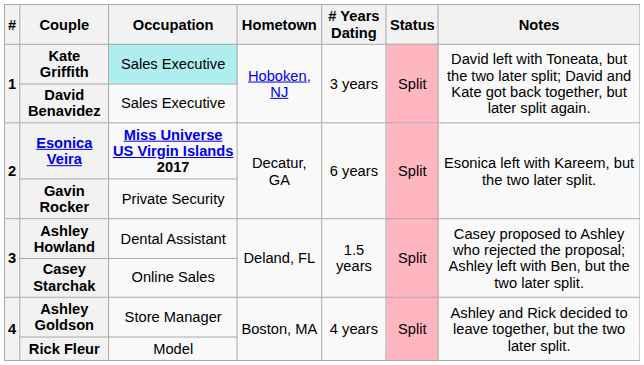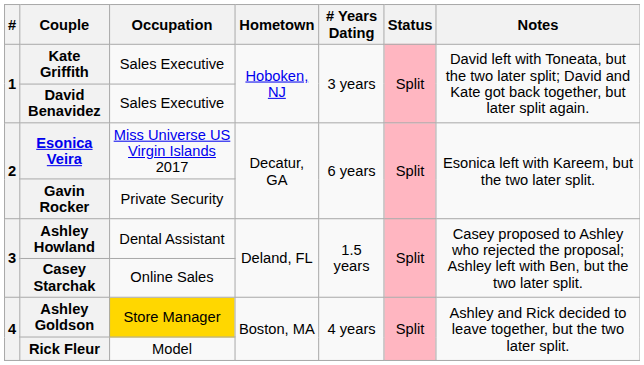 <table class="wikitable plainrowheaders" style="text-align:center; font-size: 90%; width:100%;">
 <tr>
 <th scope="col">#</th>
 <th scope="col">Couple</th>
 <th scope="col">Occupation</th>
 <th scope="col">Hometown</th>
 <th scope="col"># Years Dating</th>
 <th scope="col">Status</th>
 <th scope="col">Notes</th>
 </tr>
 <tr>
 <th scope="rowgroup" rowspan="2">1</th>
 <th scope="row">Kate Griffith</th>
-<td style="background: paleturquoise;">Sales Executive</td>
+<td>Sales Executive</td>
 <td rowspan="2"><a href='#'>Hoboken, NJ</a></td>
 <td rowspan="2">3 years</td>
 <td rowspan="2" style="background:lightpink;">Split</td>
 <td rowspan="2">David left with Toneata, but the two later split; David and Kate got back together, but later split again.</td>
 </tr>
 <tr>
 <th scope="row">David Benavidez</th>
 <td>Sales Executive</td>
 </tr>
 <tr>
 <th scope="rowgroup" rowspan="2">2</th>
 <th scope="row"><a href='#'>Esonica Veira</a></th>
-<td><strong><a href='#'>Miss Universe US Virgin Islands</a> 2017</strong></td>
+<td><a href='#'>Miss Universe US Virgin Islands</a> 2017</td>
 <td rowspan="2">Decatur, GA</td>
 <td rowspan="2">6 years</td>
 <td rowspan="2" style="background:lightpink;">Split</td>
 <td rowspan="2">Esonica left with Kareem, but the two later split.</td>
 </tr>
 <tr>
 <th scope="row">Gavin Rocker</th>
 <td>Private Security</td>
 </tr>
 <tr>
 <th scope="rowgroup" rowspan="2">3</th>
 <th scope="row">Ashley Howland</th>
 <td>Dental Assistant</td>
 <td rowspan="2">Deland, FL</td>
 <td rowspan="2">1.5 years</td>
 <td rowspan="2" style="background:lightpink;">Split</td>
 <td rowspan="2">Casey proposed to Ashley who rejected the proposal; Ashley left with Ben, but the two later split.</td>
 </tr>
 <tr>
 <th scope="row">Casey Starchak</th>
 <td>Online Sales</td>
 </tr>
 <tr>
 <th scope="rowgroup" rowspan="2">4</th>
 <th scope="row">Ashley Goldson</th>
-<td>Store Manager</td>
+<td style="background: gold;">Store Manager</td>
 <td rowspan="2">Boston, MA</td>
 <td rowspan="2">4 years</td>
 <td rowspan="2" style="background:lightpink;">Split</td>
 <td rowspan="2">Ashley and Rick decided to leave together, but the two later split.</td>
 </tr>
 <tr>
 <th scope="row">Rick Fleur</th>
 <td>Model</td>
 </tr>
 <tr>
 </tr>
 </table>
